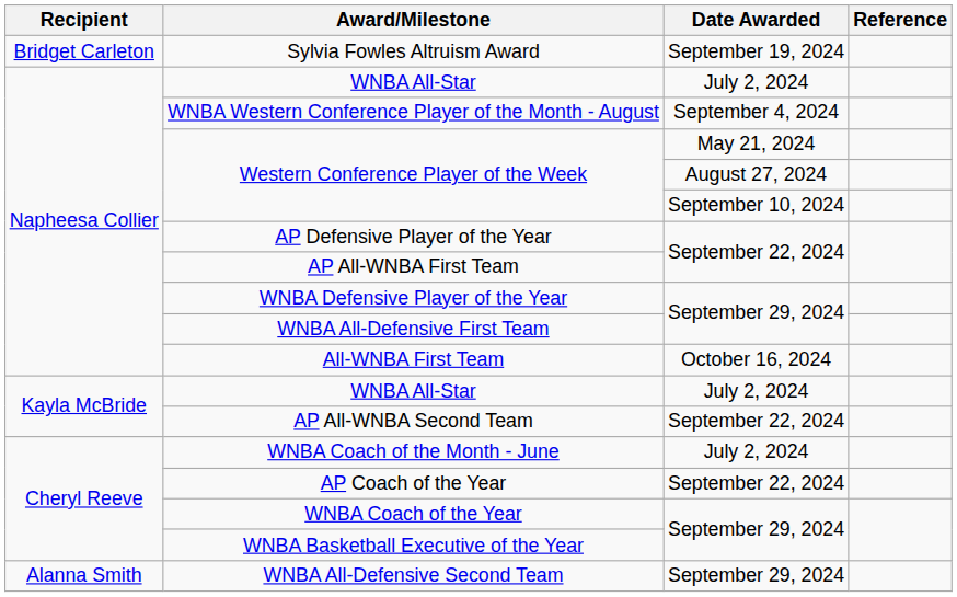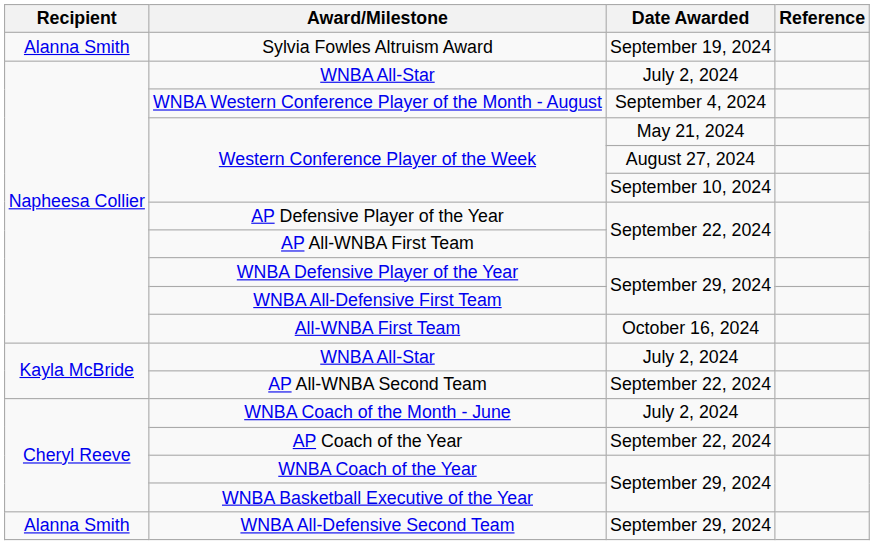 <table class="wikitable sortable sortable" style="text-align: center">
 <tr>
 <th>Recipient</th>
 <th>Award/Milestone</th>
 <th>Date Awarded</th>
 <th>Reference</th>
 </tr>
 <tr>
-<td><a href='#'>Bridget Carleton</a></td>
+<td><a href='#'>Alanna Smith</a></td>
 <td>Sylvia Fowles Altruism Award</td>
 <td>September 19, 2024</td>
 <td></td>
 </tr>
 <tr>
 <td rowspan=10><a href='#'>Napheesa Collier</a></td>
 <td><a href='#'>WNBA All-Star</a></td>
 <td>July 2, 2024</td>
 <td></td>
 </tr>
 <tr>
 <td><a href='#'>WNBA Western Conference Player of the Month - August</a></td>
 <td>September 4, 2024</td>
 <td></td>
 </tr>
 <tr>
 <td rowspan=3><a href='#'>Western Conference Player of the Week</a></td>
 <td>May 21, 2024</td>
 <td></td>
 </tr>
 <tr>
 <td>August 27, 2024</td>
 <td></td>
 </tr>
 <tr>
 <td>September 10, 2024</td>
 <td></td>
 </tr>
 <tr>
 <td><a href='#'>AP</a> Defensive Player of the Year</td>
 <td rowspan=2>September 22, 2024</td>
 <td rowspan=2></td>
 </tr>
 <tr>
 <td><a href='#'>AP</a> All-WNBA First Team</td>
 </tr>
 <tr>
 <td><a href='#'>WNBA Defensive Player of the Year</a></td>
 <td rowspan=2>September 29, 2024</td>
 <td></td>
 </tr>
 <tr>
 <td><a href='#'>WNBA All-Defensive First Team</a></td>
 <td></td>
 </tr>
 <tr>
 <td><a href='#'>All-WNBA First Team</a></td>
 <td>October 16, 2024</td>
 <td></td>
 </tr>
 <tr>
 <td rowspan=2><a href='#'>Kayla McBride</a></td>
 <td><a href='#'>WNBA All-Star</a></td>
 <td>July 2, 2024</td>
 <td></td>
 </tr>
 <tr>
 <td><a href='#'>AP</a> All-WNBA Second Team</td>
 <td>September 22, 2024</td>
 <td></td>
 </tr>
 <tr>
 <td rowspan=4><a href='#'>Cheryl Reeve</a></td>
 <td><a href='#'>WNBA Coach of the Month - June</a></td>
 <td>July 2, 2024</td>
 <td></td>
 </tr>
 <tr>
 <td><a href='#'>AP</a> Coach of the Year</td>
 <td>September 22, 2024</td>
 <td></td>
 </tr>
 <tr>
 <td><a href='#'>WNBA Coach of the Year</a></td>
 <td rowspan=2>September 29, 2024</td>
 <td rowspan=2></td>
 </tr>
 <tr>
 <td><a href='#'>WNBA Basketball Executive of the Year</a></td>
 </tr>
 <tr>
 <td><a href='#'>Alanna Smith</a></td>
 <td><a href='#'>WNBA All-Defensive Second Team</a></td>
 <td>September 29, 2024</td>
 <td></td>
 </tr>
 </table>
